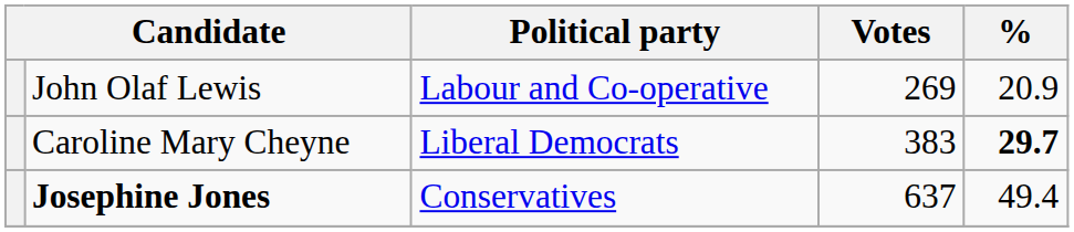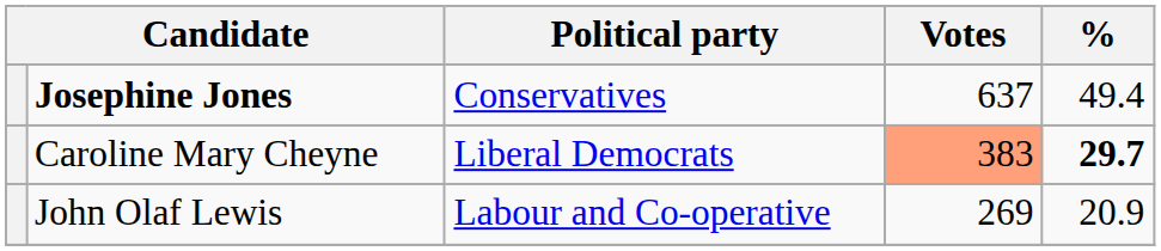 <table class="wikitable">
 <tr>
 <th valign=top colspan="2" style="width: 180px">Candidate</th>
 <th valign=top style="width: 180px">Political party</th>
 <th valign=top style="width: 60px">Votes</th>
 <th valign=top style="width: 40px">%</th>
 </tr>
 <tr>
 <th style="background-color: "></th>
+<td><strong>Josephine Jones</strong></td>
+<td><a href='#'>Conservatives</a></td>
+<td align="right">637</td>
+<td align="right">49.4</td>
+</tr>
+<tr>
+<th style="background-color: "></th>
+<td>Caroline Mary Cheyne</td>
+<td><a href='#'>Liberal Democrats</a></td>
+<td align="right" style="background: lightsalmon;">383</td>
+<td align="right"><strong>29.7</strong></td>
+</tr>
+<tr>
+<th style="background-color: "></th>
 <td>John Olaf Lewis</td>
 <td><a href='#'>Labour and Co-operative</a></td>
 <td align="right">269</td>
 <td align="right">20.9</td>
 </tr>
 <tr>
-<th style="background-color: "></th>
-<td>Caroline Mary Cheyne</td>
-<td><a href='#'>Liberal Democrats</a></td>
-<td align="right">383</td>
-<td align="right"><strong>29.7</strong></td>
-</tr>
-<tr>
-<th style="background-color: "></th>
-<td><strong>Josephine Jones</strong></td>
-<td><a href='#'>Conservatives</a></td>
-<td align="right">637</td>
-<td align="right">49.4</td>
-</tr>
-<tr>
 </tr>
 </table>
